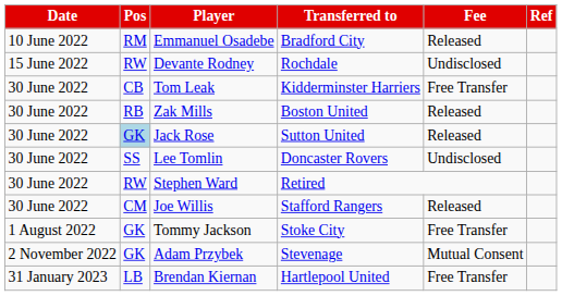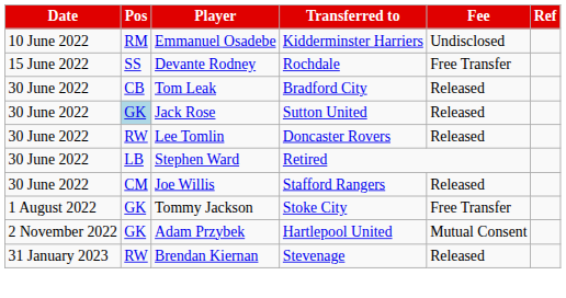 <table class="wikitable plainrowheaders sortable">
 <tr>
 <th style="background:#E00000; color:#FFFFFF; ">Date</th>
 <th style="background:#E00000; color:#FFFFFF; ">Pos</th>
 <th style="background:#E00000; color:#FFFFFF; ">Player</th>
 <th style="background:#E00000; color:#FFFFFF; ">Transferred to</th>
 <th style="background:#E00000; color:#FFFFFF; ">Fee</th>
 <th style="background:#E00000; color:#FFFFFF; ">Ref</th>
 </tr>
 <tr>
 <td>10 June 2022</td>
 <td><a href='#'>RM</a></td>
 <td> <a href='#'>Emmanuel Osadebe</a></td>
-<td> <a href='#'>Bradford City</a></td>
-<td>Released</td>
+<td> <a href='#'>Kidderminster Harriers</a></td>
+<td>Undisclosed</td>
 <td></td>
 </tr>
 <tr>
 <td>15 June 2022</td>
-<td><a href='#'>RW</a></td>
+<td><a href='#'>SS</a></td>
 <td> <a href='#'>Devante Rodney</a></td>
 <td> <a href='#'>Rochdale</a></td>
-<td>Undisclosed</td>
+<td>Free Transfer</td>
 <td></td>
 </tr>
 <tr>
 <td>30 June 2022</td>
 <td><a href='#'>CB</a></td>
 <td> <a href='#'>Tom Leak</a></td>
-<td> <a href='#'>Kidderminster Harriers</a></td>
-<td>Free Transfer</td>
-<td></td>
-</tr>
-<tr>
-<td>30 June 2022</td>
-<td><a href='#'>RB</a></td>
-<td> <a href='#'>Zak Mills</a></td>
-<td> <a href='#'>Boston United</a></td>
+<td> <a href='#'>Bradford City</a></td>
 <td>Released</td>
 <td></td>
 </tr>
 <tr>
 <td>30 June 2022</td>
 <td style="background: lightblue;"><a href='#'>GK</a></td>
 <td> <a href='#'>Jack Rose</a></td>
 <td> <a href='#'>Sutton United</a></td>
 <td>Released</td>
 <td></td>
 </tr>
 <tr>
 <td>30 June 2022</td>
-<td><a href='#'>SS</a></td>
+<td><a href='#'>RW</a></td>
 <td> <a href='#'>Lee Tomlin</a></td>
 <td> <a href='#'>Doncaster Rovers</a></td>
-<td>Undisclosed</td>
+<td>Released</td>
 <td></td>
 </tr>
 <tr>
 <td>30 June 2022</td>
-<td><a href='#'>RW</a></td>
+<td><a href='#'>LB</a></td>
 <td> <a href='#'>Stephen Ward</a></td>
 <td colspan="2"> <a href='#'>Retired</a></td>
 <td></td>
 </tr>
 <tr>
 <td>30 June 2022</td>
 <td><a href='#'>CM</a></td>
 <td> <a href='#'>Joe Willis</a></td>
 <td> <a href='#'>Stafford Rangers</a></td>
 <td>Released</td>
 <td></td>
 </tr>
 <tr>
 <td>1 August 2022</td>
 <td><a href='#'>GK</a></td>
 <td> Tommy Jackson</td>
 <td> <a href='#'>Stoke City</a></td>
 <td>Free Transfer</td>
 <td></td>
 </tr>
 <tr>
 <td>2 November 2022</td>
 <td><a href='#'>GK</a></td>
 <td> <a href='#'>Adam Przybek</a></td>
-<td> <a href='#'>Stevenage</a></td>
+<td> <a href='#'>Hartlepool United</a></td>
 <td>Mutual Consent</td>
 <td></td>
 </tr>
 <tr>
 <td>31 January 2023</td>
-<td><a href='#'>LB</a></td>
+<td><a href='#'>RW</a></td>
 <td> <a href='#'>Brendan Kiernan</a></td>
-<td> <a href='#'>Hartlepool United</a></td>
-<td>Free Transfer</td>
+<td> <a href='#'>Stevenage</a></td>
+<td>Released</td>
 <td></td>
 </tr>
 </table>
